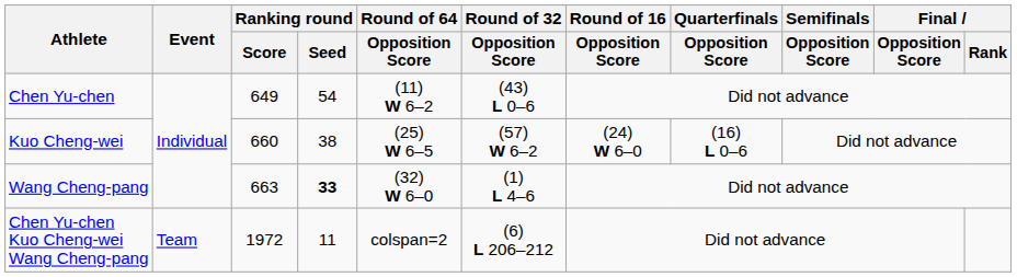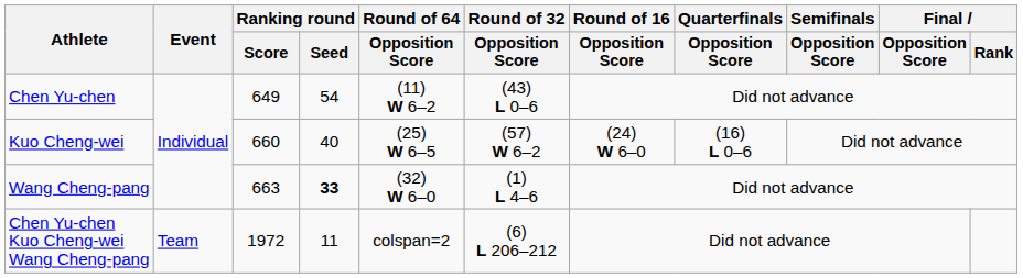 <table class="wikitable" style="font-size:90%">
 <tr>
 <th rowspan="2">Athlete</th>
 <th rowspan="2">Event</th>
 <th colspan="2">Ranking round</th>
 <th>Round of 64</th>
 <th>Round of 32</th>
 <th>Round of 16</th>
 <th>Quarterfinals</th>
 <th>Semifinals</th>
 <th colspan="2">Final / </th>
 </tr>
 <tr style="font-size:95%">
 <th>Score</th>
 <th>Seed</th>
 <th>Opposition<br>Score</th>
 <th>Opposition<br>Score</th>
 <th>Opposition<br>Score</th>
 <th>Opposition<br>Score</th>
 <th>Opposition<br>Score</th>
 <th>Opposition<br>Score</th>
 <th>Rank</th>
 </tr>
 <tr align=center>
 <td align=left><a href='#'>Chen Yu-chen</a></td>
 <td align=left rowspan=3><a href='#'>Individual</a></td>
 <td>649</td>
 <td>54</td>
 <td> (11)<br><strong>W</strong> 6–2</td>
 <td> (43)<br><strong>L</strong>  0–6</td>
 <td colspan=5>Did not advance</td>
 </tr>
 <tr align=center>
 <td align=left><a href='#'>Kuo Cheng-wei</a></td>
 <td>660</td>
-<td>38</td>
+<td>40</td>
 <td> (25)<br><strong>W</strong> 6–5</td>
 <td> (57)<br><strong>W</strong> 6–2</td>
 <td> (24)<br><strong>W</strong> 6–0</td>
 <td> (16)<br><strong>L</strong> 0–6</td>
 <td colspan=3>Did not advance</td>
 </tr>
 <tr align=center>
 <td align=left><a href='#'>Wang Cheng-pang</a></td>
 <td>663</td>
 <td><strong>33</strong></td>
 <td> (32)<br><strong>W</strong> 6–0</td>
 <td> (1)<br><strong>L</strong> 4–6</td>
 <td colspan=5>Did not advance</td>
 </tr>
 <tr align=center>
 <td align=left><a href='#'>Chen Yu-chen</a><br><a href='#'>Kuo Cheng-wei</a><br><a href='#'>Wang Cheng-pang</a></td>
 <td align=left><a href='#'>Team</a></td>
 <td>1972</td>
 <td>11</td>
 <td>colspan=2 </td>
 <td> (6)<br><strong>L</strong> 206–212</td>
 <td colspan=4>Did not advance</td>
 </tr>
 </table>
